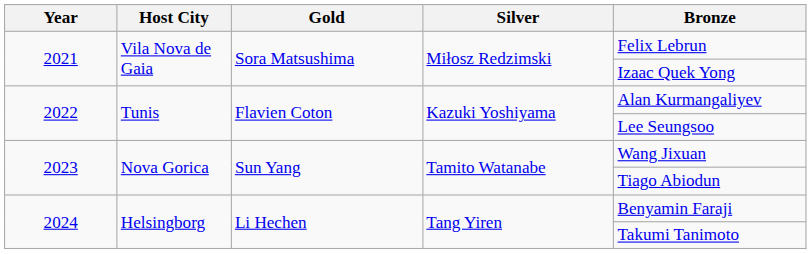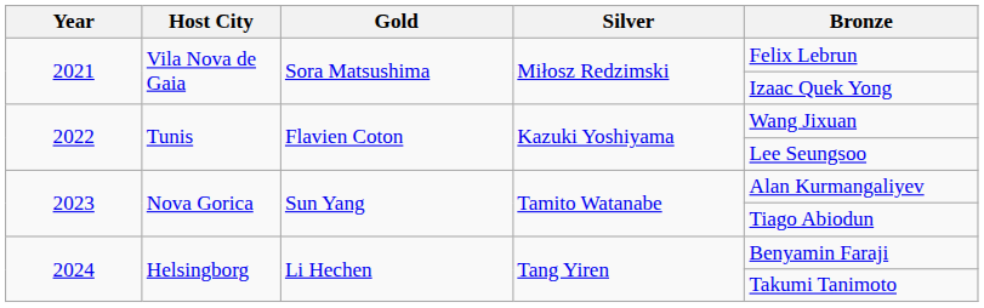 <table class="wikitable" style="text-align: left; width: 750px;">
 <tr>
 <th width="100">Year</th>
 <th width="100">Host City</th>
 <th width="175">Gold</th>
 <th width="175">Silver</th>
 <th width="175">Bronze</th>
 </tr>
 <tr>
 <td rowspan="2" style="text-align: center;"><a href='#'>2021</a></td>
 <td rowspan="2"><a href='#'>Vila Nova de Gaia</a></td>
 <td rowspan="2"> <a href='#'>Sora Matsushima</a></td>
 <td rowspan="2"> <a href='#'>Miłosz Redzimski</a></td>
 <td> <a href='#'>Felix Lebrun</a></td>
 </tr>
 <tr>
 <td> <a href='#'>Izaac Quek Yong</a></td>
 </tr>
 <tr>
 <td rowspan="2" style="text-align: center;"><a href='#'>2022</a></td>
 <td rowspan="2"><a href='#'>Tunis</a></td>
 <td rowspan="2"> <a href='#'>Flavien Coton</a></td>
 <td rowspan="2"> <a href='#'>Kazuki Yoshiyama</a></td>
-<td> <a href='#'>Alan Kurmangaliyev</a></td>
+<td> <a href='#'>Wang Jixuan</a></td>
 </tr>
 <tr>
 <td> <a href='#'>Lee Seungsoo</a></td>
 </tr>
 <tr>
 <td rowspan="2" style="text-align: center;"><a href='#'>2023</a></td>
 <td rowspan="2"><a href='#'>Nova Gorica</a></td>
 <td rowspan=2> <a href='#'>Sun Yang</a></td>
 <td rowspan=2> <a href='#'>Tamito Watanabe</a></td>
-<td> <a href='#'>Wang Jixuan</a></td>
+<td> <a href='#'>Alan Kurmangaliyev</a></td>
 </tr>
 <tr>
 <td> <a href='#'>Tiago Abiodun</a></td>
 </tr>
 <tr>
 <td rowspan=2 style="text-align: center;"><a href='#'>2024</a></td>
 <td rowspan=2><a href='#'>Helsingborg</a></td>
 <td rowspan=2> <a href='#'>Li Hechen</a></td>
 <td rowspan=2> <a href='#'>Tang Yiren</a></td>
 <td> <a href='#'>Benyamin Faraji</a></td>
 </tr>
 <tr>
 <td> <a href='#'>Takumi Tanimoto</a></td>
 </tr>
 </table>
